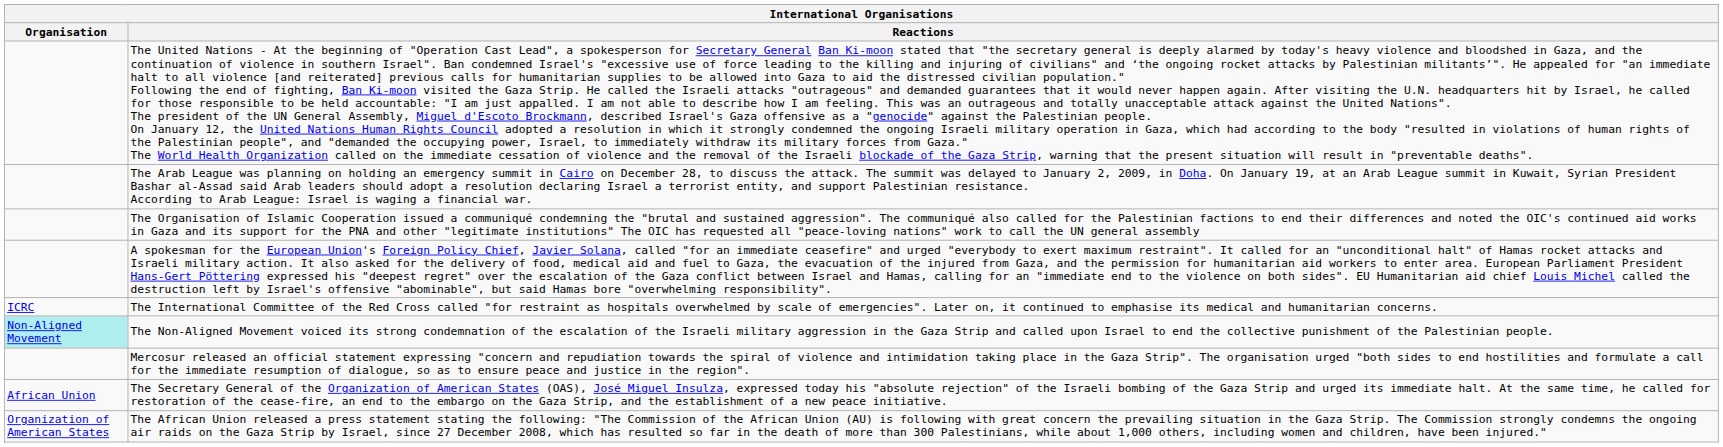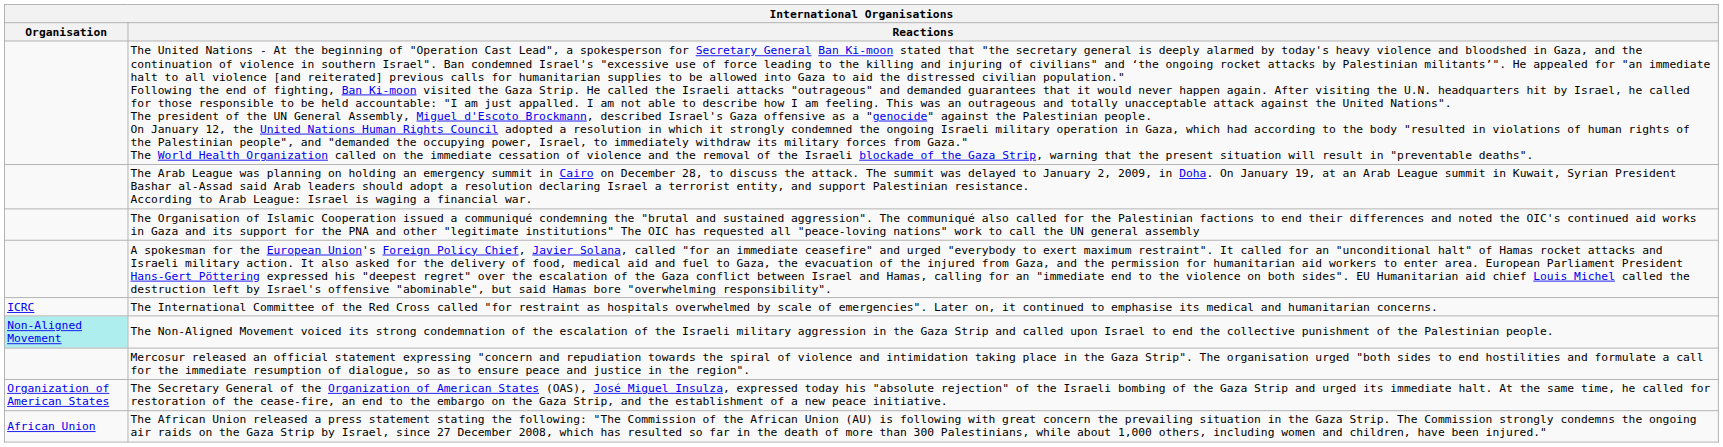 <table class="wikitable sortable collapsible collapsed">
 <tr>
 <th Colspan=2>International Organisations</th>
 </tr>
 <tr>
 <th>Organisation</th>
 <th>Reactions</th>
 </tr>
 <tr>
 <td></td>
 <td>The United Nations - At the beginning of "Operation Cast Lead", a spokesperson for <a href='#'>Secretary General</a> <a href='#'>Ban Ki-moon</a> stated that "the secretary general is deeply alarmed by today's heavy violence and bloodshed in Gaza, and the continuation of violence in southern Israel". Ban condemned Israel's "excessive use of force leading to the killing and injuring of civilians" and ‘the ongoing rocket attacks by Palestinian militants’". He appealed for "an immediate halt to all violence [and reiterated] previous calls for humanitarian supplies to be allowed into Gaza to aid the distressed civilian population."<br>Following the end of fighting, <a href='#'>Ban Ki-moon</a> visited the Gaza Strip. He called the Israeli attacks "outrageous" and demanded guarantees that it would never happen again. After visiting the U.N. headquarters hit by Israel, he called for those responsible to be held accountable: "I am just appalled. I am not able to describe how I am feeling. This was an outrageous and totally unacceptable attack against the United Nations".<br>The president of the UN General Assembly, <a href='#'>Miguel d'Escoto Brockmann</a>, described Israel's Gaza offensive as a "<a href='#'>genocide</a>" against the Palestinian people.<br>On January 12, the <a href='#'>United Nations Human Rights Council</a> adopted a resolution in which it strongly condemned the ongoing Israeli military operation in Gaza, which had according to the body "resulted in violations of human rights of the Palestinian people", and "demanded the occupying power, Israel, to immediately withdraw its military forces from Gaza."<br>The <a href='#'>World Health Organization</a> called on the immediate cessation of violence and the removal of the Israeli <a href='#'>blockade of the Gaza Strip</a>, warning that the present situation will result in "preventable deaths".</td>
 </tr>
 <tr>
 <td></td>
 <td>The Arab League was planning on holding an emergency summit in <a href='#'>Cairo</a> on December 28, to discuss the attack. The summit was delayed to January 2, 2009, in <a href='#'>Doha</a>. On January 19, at an Arab League summit in Kuwait, Syrian President Bashar al-Assad said Arab leaders should adopt a resolution declaring Israel a terrorist entity, and support Palestinian resistance.<br>According to Arab League: Israel is waging a financial war.</td>
 </tr>
 <tr>
 <td></td>
 <td>The Organisation of Islamic Cooperation issued a communiqué condemning the "brutal and sustained aggression". The communiqué also called for the Palestinian factions to end their differences and noted the OIC's continued aid works in Gaza and its support for the PNA and other "legitimate institutions" The OIC has requested all "peace-loving nations" work to call the UN general assembly</td>
 </tr>
 <tr>
 <td></td>
 <td>A spokesman for the <a href='#'>European Union</a>'s <a href='#'>Foreign Policy Chief</a>, <a href='#'>Javier Solana</a>, called "for an immediate ceasefire" and urged "everybody to exert maximum restraint". It called for an "unconditional halt" of Hamas rocket attacks and Israeli military action. It also asked for the delivery of food, medical aid and fuel to Gaza, the evacuation of the injured from Gaza, and the permission for humanitarian aid workers to enter area. European Parliament President <a href='#'>Hans-Gert Pöttering</a> expressed his "deepest regret" over the escalation of the Gaza conflict between Israel and Hamas, calling for an "immediate end to the violence on both sides". EU Humanitarian aid chief <a href='#'>Louis Michel</a> called the destruction left by Israel's offensive "abominable", but said Hamas bore "overwhelming responsibility".</td>
 </tr>
 <tr>
 <td> <a href='#'>ICRC</a></td>
 <td>The International Committee of the Red Cross called "for restraint as hospitals overwhelmed by scale of emergencies". Later on, it continued to emphasise its medical and humanitarian concerns.</td>
 </tr>
 <tr>
 <td style="background: paleturquoise;"><a href='#'>Non-Aligned Movement</a></td>
 <td>The Non-Aligned Movement voiced its strong condemnation of the escalation of the Israeli military aggression in the Gaza Strip and called upon Israel to end the collective punishment of the Palestinian people.</td>
 </tr>
 <tr>
 <td></td>
 <td>Mercosur released an official statement expressing "concern and repudiation towards the spiral of violence and intimidation taking place in the Gaza Strip". The organisation urged "both sides to end hostilities and formulate a call for the immediate resumption of dialogue, so as to ensure peace and justice in the region".</td>
 </tr>
 <tr>
-<td><a href='#'>African Union</a></td>
+<td><a href='#'>Organization of American States</a></td>
 <td>The Secretary General of the <a href='#'>Organization of American States</a> (OAS), <a href='#'>José Miguel Insulza</a>, expressed today his "absolute rejection" of the Israeli bombing of the Gaza Strip and urged its immediate halt. At the same time, he called for restoration of the cease-fire, an end to the embargo on the Gaza Strip, and the establishment of a new peace initiative.</td>
 </tr>
 <tr>
-<td><a href='#'>Organization of American States</a></td>
+<td><a href='#'>African Union</a></td>
 <td>The African Union released a press statement stating the following: "The Commission of the African Union (AU) is following with great concern the prevailing situation in the Gaza Strip. The Commission strongly condemns the ongoing air raids on the Gaza Strip by Israel, since 27 December 2008, which has resulted so far in the death of more than 300 Palestinians, while about 1,000 others, including women and children, have been injured."</td>
 </tr>
 </table>
